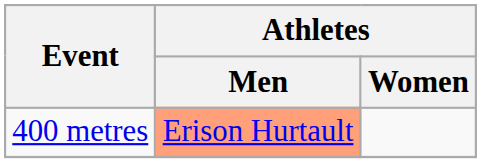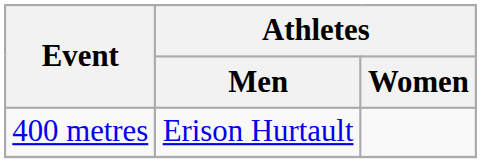 <table class=wikitable style="font-size:90%">
 <tr>
 <th rowspan=2>Event</th>
 <th colspan=2>Athletes</th>
 </tr>
 <tr>
 <th>Men</th>
 <th>Women</th>
 </tr>
 <tr>
 <td><a href='#'>400 metres</a></td>
-<td style="background: lightsalmon;"><a href='#'>Erison Hurtault</a></td>
+<td><a href='#'>Erison Hurtault</a></td>
 <td></td>
 </tr>
 <tr>
 </tr>
 </table>
